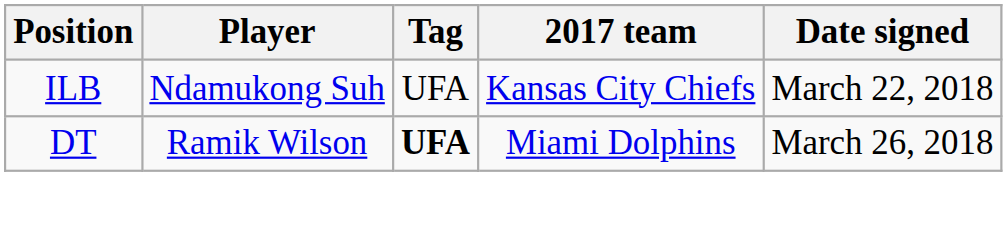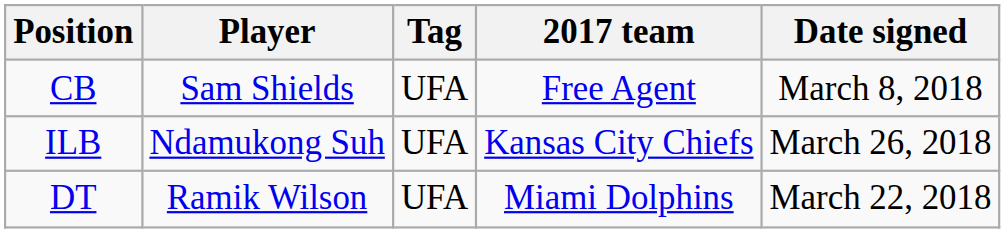 <table class="wikitable" style="text-align:center">
 <tr>
 <th>Position</th>
 <th>Player</th>
 <th>Tag</th>
 <th>2017 team</th>
 <th>Date signed</th>
 </tr>
 <tr>
+<td><a href='#'>CB</a></td>
+<td><a href='#'>Sam Shields</a></td>
+<td>UFA</td>
+<td><a href='#'>Free Agent</a></td>
+<td>March 8, 2018</td>
+</tr>
+<tr>
 <td><a href='#'>ILB</a></td>
 <td><a href='#'>Ndamukong Suh</a></td>
 <td>UFA</td>
 <td><a href='#'>Kansas City Chiefs</a></td>
-<td>March 22, 2018</td>
+<td>March 26, 2018</td>
 </tr>
 <tr>
 <td><a href='#'>DT</a></td>
 <td><a href='#'>Ramik Wilson</a></td>
-<td><strong>UFA</strong></td>
+<td>UFA</td>
 <td><a href='#'>Miami Dolphins</a></td>
-<td>March 26, 2018</td>
+<td>March 22, 2018</td>
 </tr>
 </table>
